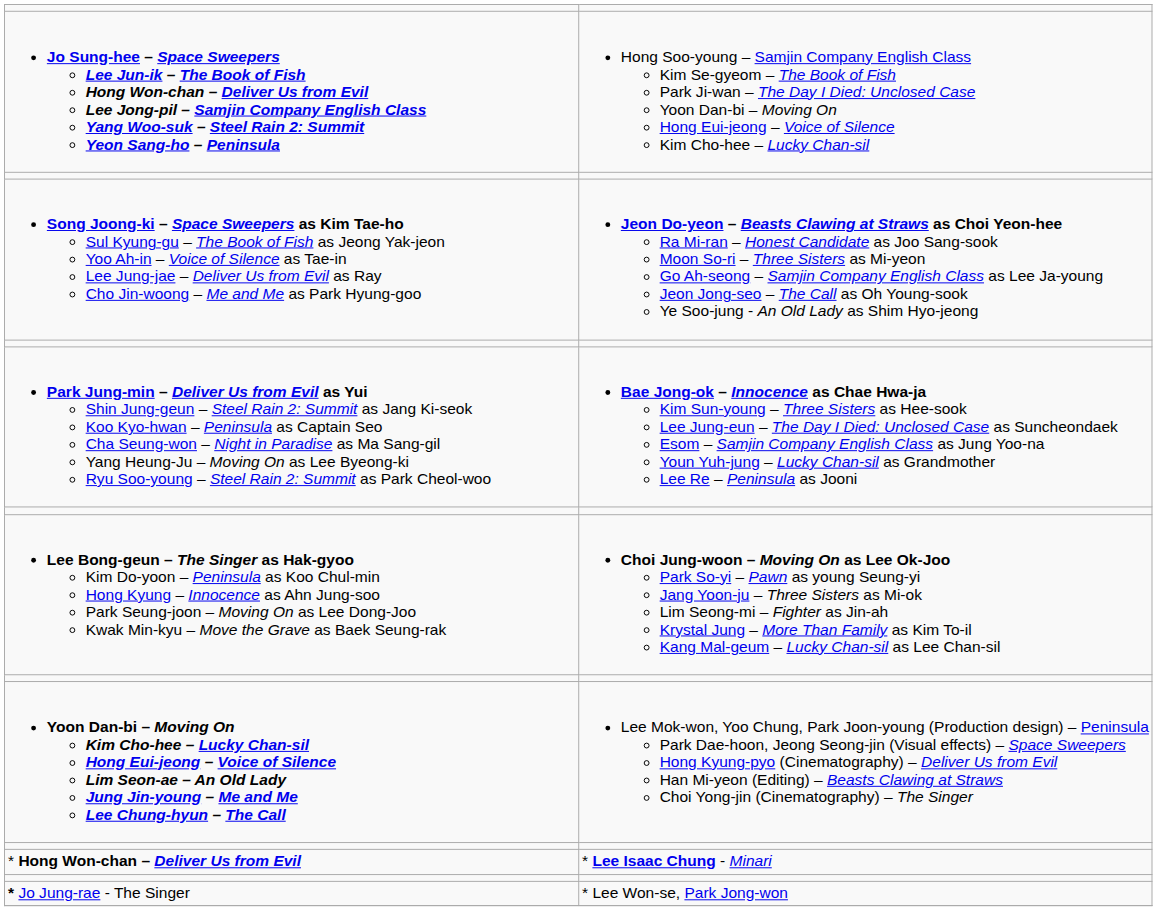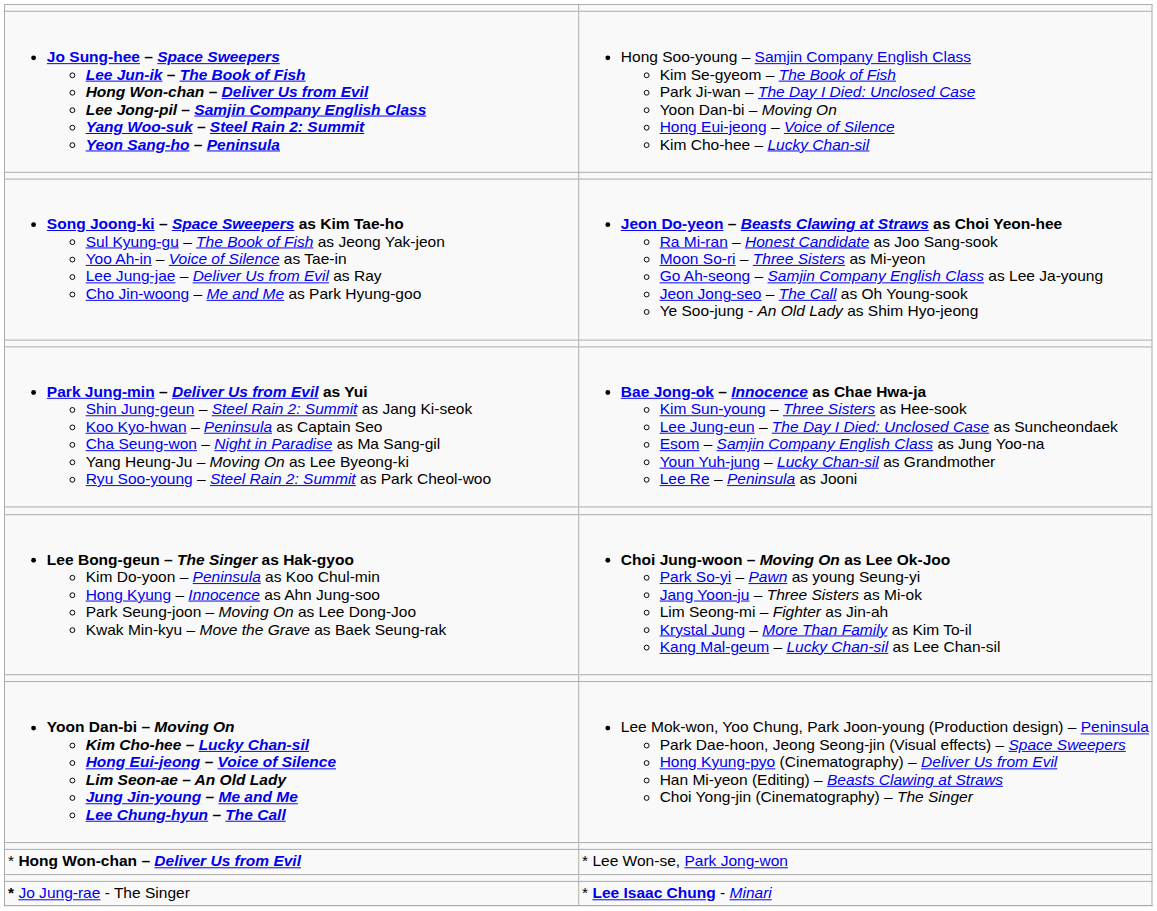 <table class="wikitable ">
 <tr>
 <td style="vertical-align:top; width:50%;"></td>
 <td style="vertical-align:top; width:2550%;"></td>
 </tr>
 <tr>
 <td valign="top"><br><ul><li><strong><a href='#'>Jo Sung-hee</a> – <em><a href='#'>Space Sweepers</a><strong><em><ul><li><a href='#'>Lee Jun-ik</a> – </em><a href='#'>The Book of Fish</a><em></li><li>Hong Won-chan – </em><a href='#'>Deliver Us from Evil</a><em></li><li>Lee Jong-pil – </em><a href='#'>Samjin Company English Class</a><em></li><li><a href='#'>Yang Woo-suk</a> – </em><a href='#'>Steel Rain 2: Summit</a><em></li><li><a href='#'>Yeon Sang-ho</a> – </em><a href='#'>Peninsula</a><em></li></ul></li></ul></td>
 <td valign="top"><br><ul><li></strong>Hong Soo-young – </em><a href='#'>Samjin Company English Class</a></em></strong><ul><li>Kim Se-gyeom – <em><a href='#'>The Book of Fish</a></em></li><li>Park Ji-wan – <em><a href='#'>The Day I Died: Unclosed Case</a></em></li><li>Yoon Dan-bi – <em>Moving On</em></li><li><a href='#'>Hong Eui-jeong</a> – <em><a href='#'>Voice of Silence</a></em></li><li>Kim Cho-hee – <em><a href='#'>Lucky Chan-sil</a></em></li></ul></li></ul></td>
 </tr>
 <tr>
 <td style="vertical-align:top; width:50%;"></td>
 <td style="vertical-align:top; width:50%;"></td>
 </tr>
 <tr>
 <td valign="top"><br><ul><li><strong><a href='#'>Song Joong-ki</a> – <em><a href='#'>Space Sweepers</a></em> as Kim Tae-ho</strong><ul><li><a href='#'>Sul Kyung-gu</a> – <em><a href='#'>The Book of Fish</a></em> as Jeong Yak-jeon</li><li><a href='#'>Yoo Ah-in</a> – <em><a href='#'>Voice of Silence</a></em> as Tae-in</li><li><a href='#'>Lee Jung-jae</a> – <em><a href='#'>Deliver Us from Evil</a></em> as Ray</li><li><a href='#'>Cho Jin-woong</a> – <em><a href='#'>Me and Me</a></em> as Park Hyung-goo</li></ul></li></ul></td>
 <td valign="top"><br><ul><li><strong><a href='#'>Jeon Do-yeon</a> – <em><a href='#'>Beasts Clawing at Straws</a></em> as Choi Yeon-hee</strong><ul><li><a href='#'>Ra Mi-ran</a> – <em><a href='#'>Honest Candidate</a></em> as Joo Sang-sook</li><li><a href='#'>Moon So-ri</a> – <em><a href='#'>Three Sisters</a></em> as Mi-yeon</li><li><a href='#'>Go Ah-seong</a> – <em><a href='#'>Samjin Company English Class</a></em> as Lee Ja-young</li><li><a href='#'>Jeon Jong-seo</a> – <em><a href='#'>The Call</a></em> as Oh Young-sook</li><li>Ye Soo-jung - <em>An Old Lady</em> as Shim Hyo-jeong</li></ul></li></ul></td>
 </tr>
 <tr>
 <td style="vertical-align:top; width:50%;"></td>
 <td style="vertical-align:top; width:50%;"></td>
 </tr>
 <tr>
 <td valign="top"><br><ul><li><strong><a href='#'>Park Jung-min</a> –  <em><a href='#'>Deliver Us from Evil</a></em> as Yui</strong><ul><li><a href='#'>Shin Jung-geun</a> – <em><a href='#'>Steel Rain 2: Summit</a></em> as Jang Ki-seok</li><li><a href='#'>Koo Kyo-hwan</a> –  <em><a href='#'>Peninsula</a></em> as Captain Seo</li><li><a href='#'>Cha Seung-won</a> – <em><a href='#'>Night in Paradise</a></em> as Ma Sang-gil</li><li>Yang Heung-Ju – <em>Moving On</em> as Lee Byeong-ki</li><li><a href='#'>Ryu Soo-young</a> – <em><a href='#'>Steel Rain 2: Summit</a></em> as Park Cheol-woo</li></ul></li></ul></td>
 <td valign="top"><br><ul><li><strong><a href='#'>Bae Jong-ok</a> – <em><a href='#'>Innocence</a></em> as Chae Hwa-ja</strong><ul><li><a href='#'>Kim Sun-young</a> – <em><a href='#'>Three Sisters</a></em> as Hee-sook</li><li><a href='#'>Lee Jung-eun</a> – <em><a href='#'>The Day I Died: Unclosed Case</a></em> as Suncheondaek</li><li><a href='#'>Esom</a> – <em><a href='#'>Samjin Company English Class</a></em> as Jung Yoo-na</li><li><a href='#'>Youn Yuh-jung</a> – <em><a href='#'>Lucky Chan-sil</a></em> as Grandmother</li><li><a href='#'>Lee Re</a> – <em><a href='#'>Peninsula</a></em> as Jooni</li></ul></li></ul></td>
 </tr>
 <tr>
 <td style="vertical-align:top; width:50%;"></td>
 <td style="vertical-align:top; width:50%;"></td>
 </tr>
 <tr>
 <td valign="top"><br><ul><li><strong>Lee Bong-geun – <em>The Singer</em> as Hak-gyoo</strong><ul><li>Kim Do-yoon – <em><a href='#'>Peninsula</a></em> as Koo Chul-min</li><li><a href='#'>Hong Kyung</a> – <em><a href='#'>Innocence</a></em> as Ahn Jung-soo</li><li>Park Seung-joon – <em>Moving On</em> as Lee Dong-Joo</li><li>Kwak Min-kyu – <em>Move the Grave</em> as Baek Seung-rak</li></ul></li></ul></td>
 <td valign="top"><br><ul><li><strong>Choi Jung-woon – <em>Moving On</em> as Lee Ok-Joo</strong><ul><li><a href='#'>Park So-yi</a> – <em><a href='#'>Pawn</a></em> as young Seung-yi</li><li><a href='#'>Jang Yoon-ju</a>  – <em>Three Sisters</em> as Mi-ok</li><li>Lim Seong-mi – <em>Fighter</em> as Jin-ah</li><li><a href='#'>Krystal Jung</a> – <em><a href='#'>More Than Family</a></em> as Kim To-il</li><li><a href='#'>Kang Mal-geum</a> – <em><a href='#'>Lucky Chan-sil</a></em> as Lee Chan-sil</li></ul></li></ul></td>
 </tr>
 <tr>
 <td style="vertical-align:top; width:50%;"></td>
 <td style="vertical-align:top; width:50%;"></td>
 </tr>
 <tr>
 <td valign="top"><br><ul><li><strong>Yoon Dan-bi – <em>Moving On<strong><em><ul><li>Kim Cho-hee  – </em><a href='#'>Lucky Chan-sil</a><em></li><li><a href='#'>Hong Eui-jeong</a> – </em><a href='#'>Voice of Silence</a><em></li><li>Lim Seon-ae – </em>An Old Lady<em></li><li><a href='#'>Jung Jin-young</a> – </em><a href='#'>Me and Me</a><em></li><li><a href='#'>Lee Chung-hyun</a> – </em><a href='#'>The Call</a><em></li></ul></li></ul></td>
 <td valign="top"><br><ul><li></strong>Lee Mok-won, Yoo Chung, Park Joon-young (Production design) – </em><a href='#'>Peninsula</a></em></strong><ul><li>Park Dae-hoon, Jeong Seong-jin (Visual effects) – <em><a href='#'>Space Sweepers</a></em></li><li><a href='#'>Hong Kyung-pyo</a> (Cinematography) – <em><a href='#'>Deliver Us from Evil</a></em></li><li>Han Mi-yeon (Editing) – <em><a href='#'>Beasts Clawing at Straws</a></em></li><li>Choi Yong-jin (Cinematography) – <em>The Singer</em></li></ul></li></ul></td>
 </tr>
 <tr>
 <td style="vertical-align:top; width:50%;"></td>
 <td style="vertical-align:top; width:50%;"></td>
 </tr>
 <tr>
 <td>* <strong>Hong Won-chan – <em><a href='#'>Deliver Us from Evil</a><strong><em></td>
-<td>* <strong><a href='#'>Lee Isaac Chung</a></strong> - <em><a href='#'>Minari</a></em></td>
+<td>* </strong>Lee Won-se, <a href='#'>Park Jong-won</a><strong></td>
 </tr>
 <tr>
 <td style="vertical-align:top; width:50%;"></td>
 <td style="vertical-align:top; width:50%;"></td>
 </tr>
 <tr>
 <td><strong>* </strong><a href='#'>Jo Jung-rae</a> - </em>The Singer</em></strong></strong></td>
-<td>* </strong>Lee Won-se, <a href='#'>Park Jong-won</a><strong></td>
+<td>* <strong><a href='#'>Lee Isaac Chung</a></strong> - <em><a href='#'>Minari</a></em></td>
 </tr>
 <tr>
 </tr>
 </table>
